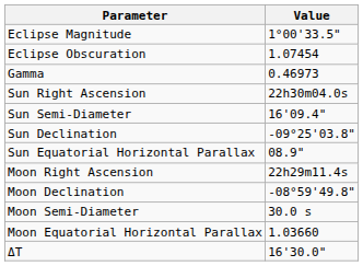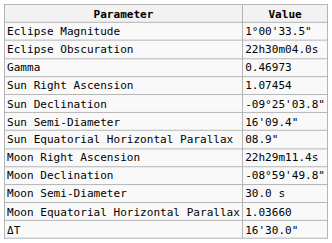 <table class="wikitable">
 <tr>
 <th>Parameter</th>
 <th>Value</th>
 </tr>
 <tr>
 <td>Eclipse Magnitude</td>
 <td>1°00'33.5"</td>
 </tr>
 <tr>
 <td>Eclipse Obscuration</td>
-<td>1.07454</td>
+<td>22h30m04.0s</td>
 </tr>
 <tr>
 <td>Gamma</td>
 <td>0.46973</td>
 </tr>
 <tr>
 <td>Sun Right Ascension</td>
-<td>22h30m04.0s</td>
+<td>1.07454</td>
+</tr>
+<tr>
+<td>Sun Declination</td>
+<td>-09°25'03.8"</td>
 </tr>
 <tr>
 <td>Sun Semi-Diameter</td>
 <td>16'09.4"</td>
-</tr>
-<tr>
-<td>Sun Declination</td>
-<td>-09°25'03.8"</td>
 </tr>
 <tr>
 <td>Sun Equatorial Horizontal Parallax</td>
 <td>08.9"</td>
 </tr>
 <tr>
 <td>Moon Right Ascension</td>
 <td>22h29m11.4s</td>
 </tr>
 <tr>
 <td>Moon Declination</td>
 <td>-08°59'49.8"</td>
 </tr>
 <tr>
 <td>Moon Semi-Diameter</td>
 <td>30.0 s</td>
 </tr>
 <tr>
 <td>Moon Equatorial Horizontal Parallax</td>
 <td>1.03660</td>
 </tr>
 <tr>
 <td>ΔT</td>
 <td>16'30.0"</td>
 </tr>
 </table>
